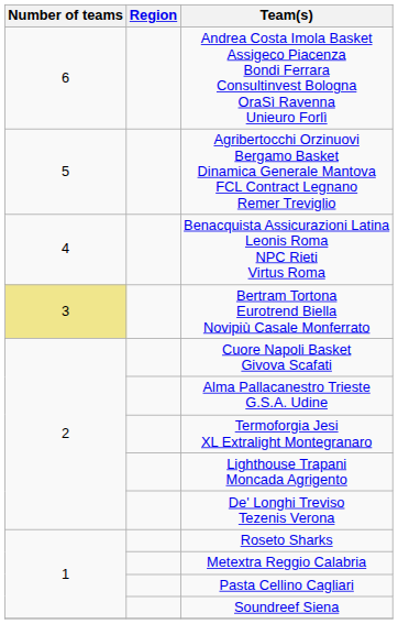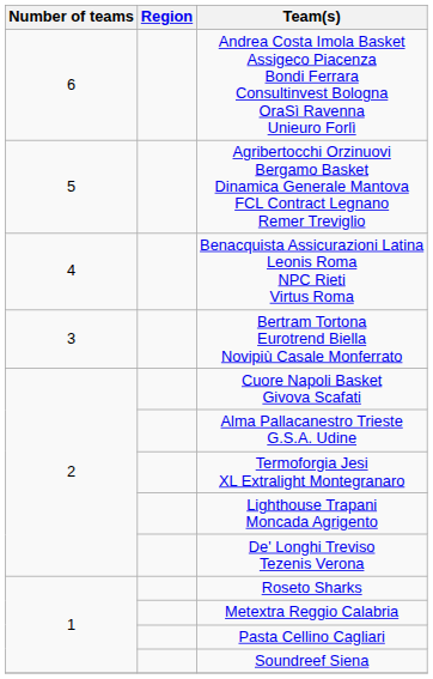 <table class="wikitable" style="text-align:center">
 <tr>
 <th>Number of teams</th>
 <th><a href='#'>Region</a></th>
 <th>Team(s)</th>
 </tr>
 <tr>
 <td rowspan="1">6</td>
 <td align="left"></td>
 <td><a href='#'>Andrea Costa Imola Basket</a><br><a href='#'>Assigeco Piacenza</a><br><a href='#'>Bondi Ferrara</a><br><a href='#'>Consultinvest Bologna</a><br><a href='#'>OraSì Ravenna</a><br><a href='#'>Unieuro Forlì</a></td>
 </tr>
 <tr>
 <td rowspan="1">5</td>
 <td align="left"></td>
 <td><a href='#'>Agribertocchi Orzinuovi</a><br><a href='#'>Bergamo Basket</a><br><a href='#'>Dinamica Generale Mantova</a><br> <a href='#'>FCL Contract Legnano</a><br> <a href='#'>Remer Treviglio</a></td>
 </tr>
 <tr>
 <td rowspan="1">4</td>
 <td align="left"></td>
 <td><a href='#'>Benacquista Assicurazioni Latina</a><br><a href='#'>Leonis Roma</a><br><a href='#'>NPC Rieti</a><br><a href='#'>Virtus Roma</a></td>
 </tr>
 <tr>
-<td rowspan="1" style="background: khaki;">3</td>
+<td rowspan="1">3</td>
 <td align="left"></td>
 <td><a href='#'>Bertram Tortona</a><br><a href='#'>Eurotrend Biella</a><br><a href='#'>Novipiù Casale Monferrato</a></td>
 </tr>
 <tr>
 <td rowspan="5">2</td>
 <td align="left"></td>
 <td><a href='#'>Cuore Napoli Basket</a><br><a href='#'>Givova Scafati</a></td>
 </tr>
 <tr>
 <td align="left"></td>
 <td><a href='#'>Alma Pallacanestro Trieste</a><br><a href='#'>G.S.A. Udine</a></td>
 </tr>
 <tr>
 <td align="left"></td>
 <td><a href='#'>Termoforgia Jesi</a><br><a href='#'>XL Extralight Montegranaro</a></td>
 </tr>
 <tr>
 <td align="left"></td>
 <td><a href='#'>Lighthouse Trapani</a><br><a href='#'>Moncada Agrigento</a></td>
 </tr>
 <tr>
 <td align="left"></td>
 <td><a href='#'>De' Longhi Treviso</a><br><a href='#'>Tezenis Verona</a></td>
 </tr>
 <tr>
 <td rowspan="4">1</td>
 <td align="left"></td>
 <td><a href='#'>Roseto Sharks</a></td>
 </tr>
 <tr>
 <td align="left"></td>
 <td><a href='#'>Metextra Reggio Calabria</a></td>
 </tr>
 <tr>
 <td align="left"></td>
 <td><a href='#'>Pasta Cellino Cagliari</a></td>
 </tr>
 <tr>
 <td align="left"></td>
 <td><a href='#'>Soundreef Siena</a></td>
 </tr>
 <tr>
 </tr>
 </table>
